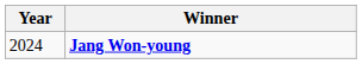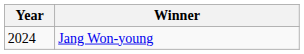 <table class="wikitable">
 <tr align=center>
 <th style="width:50px">Year</th>
 <th style="width:270px">Winner</th>
 </tr>
 <tr>
 <td rowspan="2">2024</td>
-<td><strong><a href='#'>Jang Won-young</a></strong></td>
+<td><a href='#'>Jang Won-young</a></td>
 </tr>
 </table>
